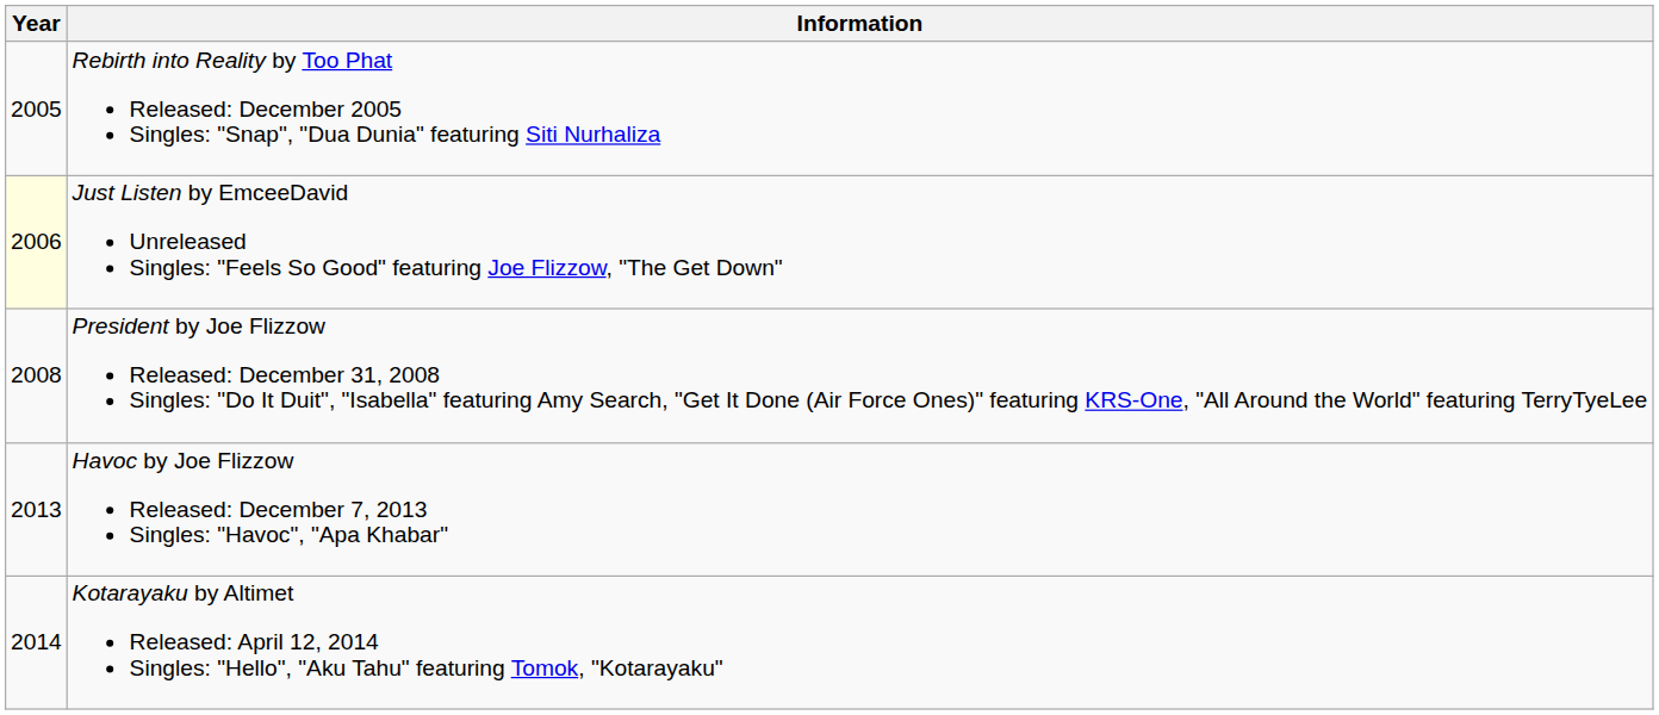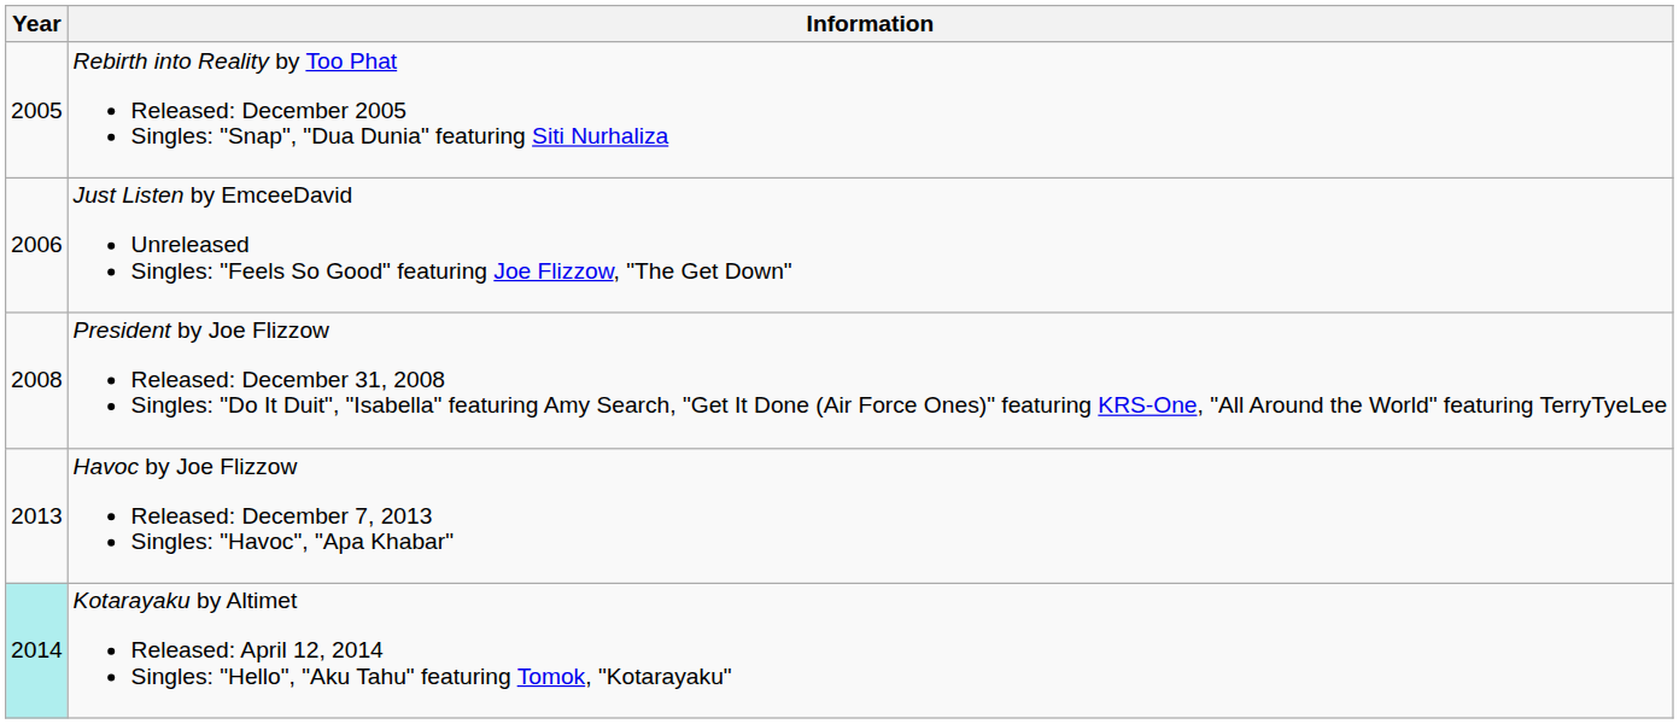 <table class="wikitable">
 <tr>
 <th align="center">Year</th>
 <th align="center">Information</th>
 </tr>
 <tr>
 <td rowspan="1">2005</td>
 <td align="left"><em>Rebirth into Reality</em> by <a href='#'>Too Phat</a><br><ul><li>Released: December 2005</li><li>Singles: "Snap", "Dua Dunia" featuring <a href='#'>Siti Nurhaliza</a></li></ul></td>
 </tr>
 <tr>
-<td rowspan="1" style="background: lightyellow;">2006</td>
+<td rowspan="1">2006</td>
 <td align="left"><em>Just Listen</em> by EmceeDavid<br><ul><li>Unreleased</li><li>Singles: "Feels So Good" featuring <a href='#'>Joe Flizzow</a>, "The Get Down"</li></ul></td>
 </tr>
 <tr>
 <td rowspan="1">2008</td>
 <td align="left"><em>President</em> by Joe Flizzow<br><ul><li>Released: December 31, 2008</li><li>Singles: "Do It Duit", "Isabella" featuring Amy Search, "Get It Done (Air Force Ones)" featuring <a href='#'>KRS-One</a>, "All Around the World" featuring TerryTyeLee</li></ul></td>
 </tr>
 <tr>
 <td rowspan="1">2013</td>
 <td align="left"><em>Havoc</em> by Joe Flizzow<br><ul><li>Released: December 7, 2013</li><li>Singles: "Havoc", "Apa Khabar"</li></ul></td>
 </tr>
 <tr>
-<td rowspan="1">2014</td>
+<td rowspan="1" style="background: paleturquoise;">2014</td>
 <td align="left"><em>Kotarayaku</em> by Altimet<br><ul><li>Released: April 12, 2014</li><li>Singles: "Hello", "Aku Tahu" featuring <a href='#'>Tomok</a>, "Kotarayaku"</li></ul></td>
 </tr>
 </table>
